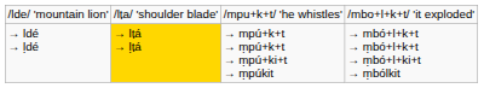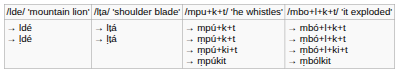 <table class="wikitable">
 <tr valign="top">
 <td>/lde/ 'mountain lion'</td>
 <td>/lṭa/ 'shoulder blade'</td>
 <td>/mpu+k+t/ 'he whistles'</td>
 <td>/mbo+l+k+t/ 'it exploded'</td>
 </tr>
 <tr valign="top">
 <td>→ ldé<br>→ ḷdé</td>
-<td style="background: gold;">→ lṭá<br>→ ḷṭá</td>
+<td>→ lṭá<br>→ ḷṭá</td>
 <td>→ mpú+k+t<br>→ ṃpú+k+t<br>→ ṃpú+ki+t<br>→ ṃpúkit</td>
 <td>→ mbó+l+k+t<br>→ ṃbó+l+k+t<br>→ ṃbó+l+ki+t<br>→ ṃbólkit</td>
 </tr>
 </table>
